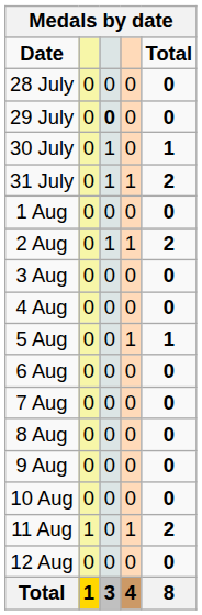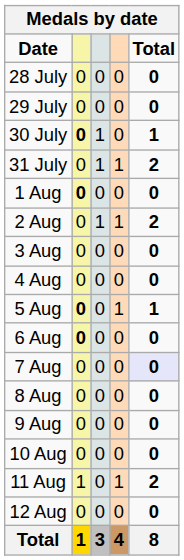 <table class="wikitable" style="font-size:85%; float:right">
 <tr bgcolor="#efefef">
 <th colspan=6>Medals by date</th>
 </tr>
 <tr align=center>
 <td><strong>Date</strong></td>
 <td bgcolor=#f7f6a8></td>
 <td bgcolor=#dce5e5></td>
 <td bgcolor=#ffdab9></td>
 <td><strong>Total</strong></td>
 </tr>
 <tr align=center>
 <td>28 July</td>
 <td style="background:#F7F6A8;">0</td>
 <td style="background:#DCE5E5;">0</td>
 <td style="background:#FFDAB9;">0</td>
 <td><strong>0</strong></td>
 </tr>
 <tr align=center>
 <td>29 July</td>
 <td style="background:#F7F6A8;">0</td>
-<td style="background:#DCE5E5;"><strong>0</strong></td>
+<td style="background:#DCE5E5;">0</td>
 <td style="background:#FFDAB9;">0</td>
 <td><strong>0</strong></td>
 </tr>
 <tr align=center>
 <td>30 July</td>
-<td style="background:#F7F6A8;">0</td>
+<td style="background:#F7F6A8;"><strong>0</strong></td>
 <td style="background:#DCE5E5;">1</td>
 <td style="background:#FFDAB9;">0</td>
 <td><strong>1</strong></td>
 </tr>
 <tr align=center>
 <td>31 July</td>
 <td style="background:#F7F6A8;">0</td>
 <td style="background:#DCE5E5;">1</td>
 <td style="background:#FFDAB9;">1</td>
 <td><strong>2</strong></td>
 </tr>
 <tr align=center>
 <td>1 Aug</td>
-<td style="background:#F7F6A8;">0</td>
+<td style="background:#F7F6A8;"><strong>0</strong></td>
 <td style="background:#DCE5E5;">0</td>
 <td style="background:#FFDAB9;">0</td>
 <td><strong>0</strong></td>
 </tr>
 <tr align=center>
 <td>2 Aug</td>
 <td style="background:#F7F6A8;">0</td>
 <td style="background:#DCE5E5;">1</td>
 <td style="background:#FFDAB9;">1</td>
 <td><strong>2</strong></td>
 </tr>
 <tr align=center>
 <td>3 Aug</td>
 <td style="background:#F7F6A8;">0</td>
 <td style="background:#DCE5E5;">0</td>
 <td style="background:#FFDAB9;">0</td>
 <td><strong>0</strong></td>
 </tr>
 <tr align=center>
 <td>4 Aug</td>
 <td style="background:#F7F6A8;">0</td>
 <td style="background:#DCE5E5;">0</td>
 <td style="background:#FFDAB9;">0</td>
 <td><strong>0</strong></td>
 </tr>
 <tr align=center>
 <td>5 Aug</td>
-<td style="background:#F7F6A8;">0</td>
+<td style="background:#F7F6A8;"><strong>0</strong></td>
 <td style="background:#DCE5E5;">0</td>
 <td style="background:#FFDAB9;">1</td>
 <td><strong>1</strong></td>
 </tr>
 <tr align=center>
 <td>6 Aug</td>
-<td style="background:#F7F6A8;">0</td>
+<td style="background:#F7F6A8;"><strong>0</strong></td>
 <td style="background:#DCE5E5;">0</td>
 <td style="background:#FFDAB9;">0</td>
 <td><strong>0</strong></td>
 </tr>
 <tr align=center>
 <td>7 Aug</td>
 <td style="background:#F7F6A8;">0</td>
 <td style="background:#DCE5E5;">0</td>
 <td style="background:#FFDAB9;">0</td>
-<td><strong>0</strong></td>
+<td style="background: lavender;"><strong>0</strong></td>
 </tr>
 <tr align=center>
 <td>8 Aug</td>
 <td style="background:#F7F6A8;">0</td>
 <td style="background:#DCE5E5;">0</td>
 <td style="background:#FFDAB9;">0</td>
 <td><strong>0</strong></td>
 </tr>
 <tr align=center>
 <td>9 Aug</td>
 <td style="background:#F7F6A8;">0</td>
 <td style="background:#DCE5E5;">0</td>
 <td style="background:#FFDAB9;">0</td>
 <td><strong>0</strong></td>
 </tr>
 <tr align=center>
 <td>10 Aug</td>
 <td style="background:#F7F6A8;">0</td>
 <td style="background:#DCE5E5;">0</td>
 <td style="background:#FFDAB9;">0</td>
 <td><strong>0</strong></td>
 </tr>
 <tr align=center>
 <td>11 Aug</td>
 <td style="background:#F7F6A8;">1</td>
 <td style="background:#DCE5E5;">0</td>
 <td style="background:#FFDAB9;">1</td>
 <td><strong>2</strong></td>
 </tr>
 <tr align=center>
 <td>12 Aug</td>
 <td style="background:#F7F6A8;">0</td>
 <td style="background:#DCE5E5;">0</td>
 <td style="background:#FFDAB9;">0</td>
 <td><strong>0</strong></td>
 </tr>
 <tr align=center>
 <th>Total</th>
 <th style="background:gold;">1</th>
 <th style="background:silver;">3</th>
 <th style="background:#c96;">4</th>
 <th>8</th>
 </tr>
 </table>
